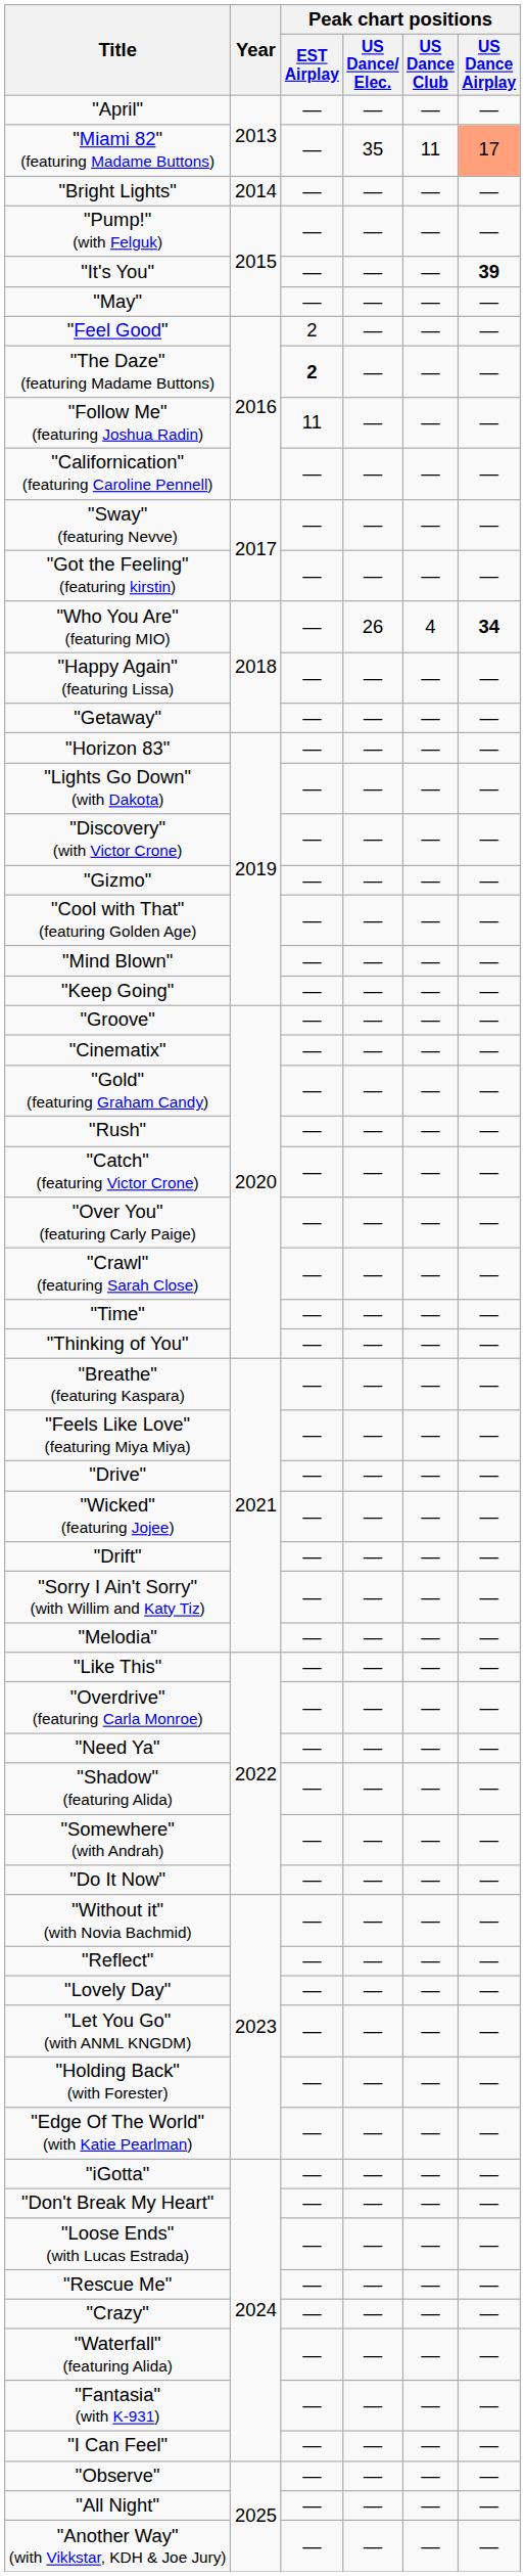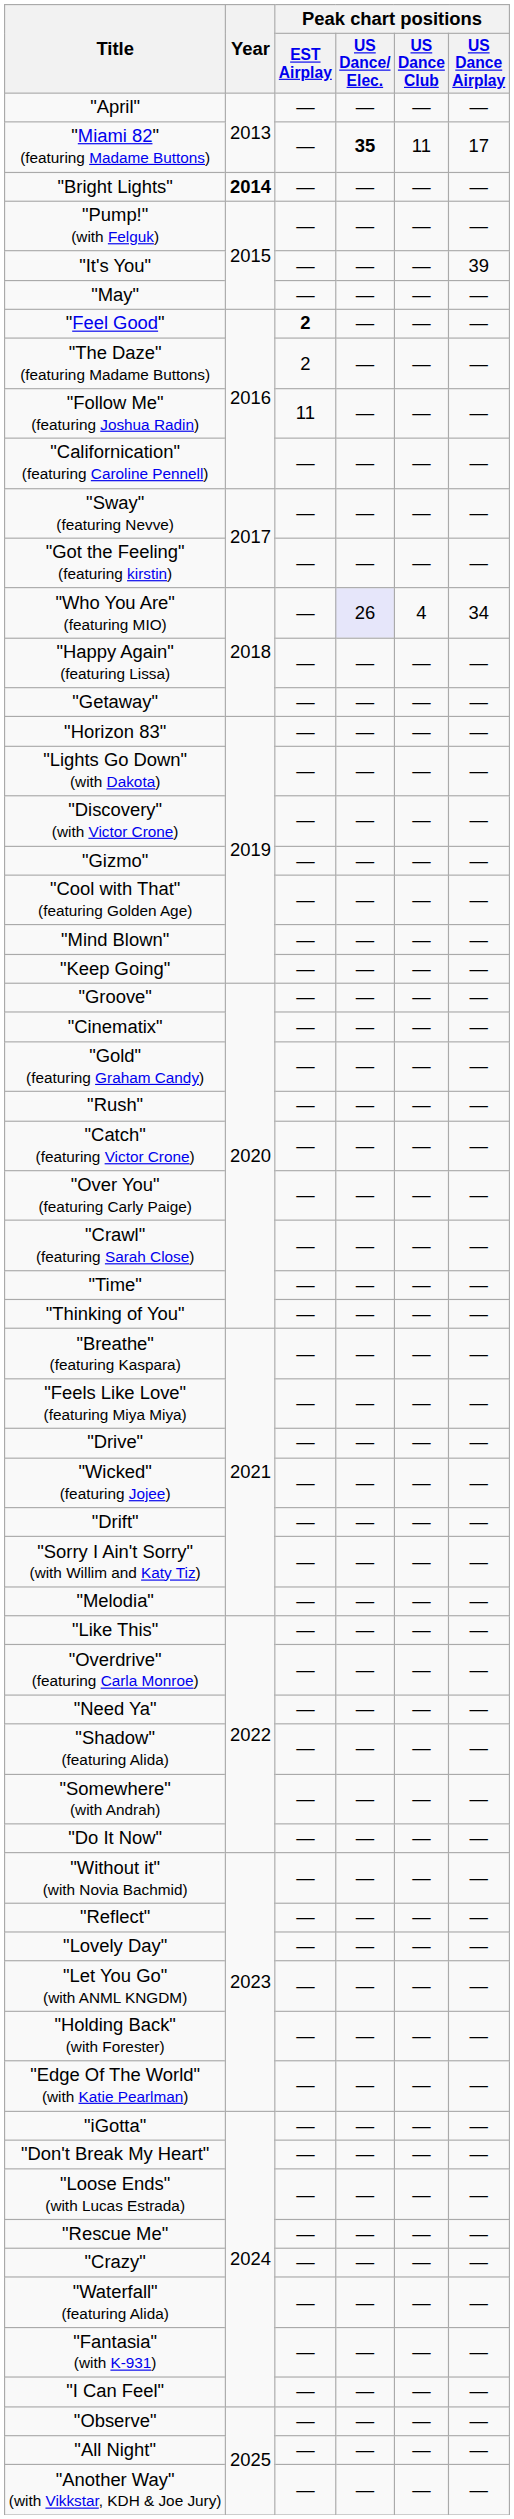 <table class="wikitable plainrowheaders"style="text-align:center;">
 <tr>
 <th rowspan="2" scope="col">Title</th>
 <th rowspan="2" scope="col">Year</th>
 <th colspan="4" scope="col">Peak chart positions</th>
 </tr>
 <tr>
 <th scope="col" style="width:3em;font-size:85%;"><a href='#'>EST<br>Airplay</a><br></th>
 <th scope="col" style="width:3em;font-size:85%;"><a href='#'>US<br>Dance/<br>Elec.</a><br></th>
 <th scope="col" style="width:3em;font-size:85%;"><a href='#'>US<br>Dance<br>Club</a><br></th>
 <th scope="col" style="width:3em;font-size:85%;"><a href='#'>US<br>Dance<br>Airplay</a><br></th>
 </tr>
 <tr>
 <td>"April"</td>
 <td rowspan="2">2013</td>
 <td>—</td>
 <td>—</td>
 <td>—</td>
 <td>—</td>
 </tr>
 <tr>
 <td>"<a href='#'>Miami 82</a>" <br><small>(featuring <a href='#'>Madame Buttons</a>)</small></td>
 <td>—</td>
-<td>35</td>
+<td><strong>35</strong></td>
 <td>11</td>
-<td style="background: lightsalmon;">17</td>
+<td>17</td>
 </tr>
 <tr>
 <td>"Bright Lights"</td>
-<td>2014</td>
+<td><strong>2014</strong></td>
 <td>—</td>
 <td>—</td>
 <td>—</td>
 <td>—</td>
 </tr>
 <tr>
 <td>"Pump!" <br><small>(with <a href='#'>Felguk</a>)</small></td>
 <td rowspan="3">2015</td>
 <td>—</td>
 <td>—</td>
 <td>—</td>
 <td>—</td>
 </tr>
 <tr>
 <td>"It's You"</td>
 <td>—</td>
 <td>—</td>
 <td>—</td>
-<td><strong>39</strong></td>
+<td>39</td>
 </tr>
 <tr>
 <td>"May"</td>
 <td>—</td>
 <td>—</td>
 <td>—</td>
 <td>—</td>
 </tr>
 <tr>
 <td>"<a href='#'>Feel Good</a>"</td>
 <td rowspan="4">2016</td>
-<td>2</td>
+<td><strong>2</strong></td>
 <td>—</td>
 <td>—</td>
 <td>—</td>
 </tr>
 <tr>
 <td>"The Daze" <br><small>(featuring Madame Buttons)</small></td>
-<td><strong>2</strong></td>
+<td>2</td>
 <td>—</td>
 <td>—</td>
 <td>—</td>
 </tr>
 <tr>
 <td>"Follow Me" <br><small>(featuring <a href='#'>Joshua Radin</a>)</small></td>
 <td>11</td>
 <td>—</td>
 <td>—</td>
 <td>—</td>
 </tr>
 <tr>
 <td>"Californication" <br><small>(featuring <a href='#'>Caroline Pennell</a>)</small></td>
 <td>—</td>
 <td>—</td>
 <td>—</td>
 <td>—</td>
 </tr>
 <tr>
 <td>"Sway" <br><small>(featuring Nevve)</small></td>
 <td rowspan="2">2017</td>
 <td>—</td>
 <td>—</td>
 <td>—</td>
 <td>—</td>
 </tr>
 <tr>
 <td>"Got the Feeling" <br><small>(featuring <a href='#'>kirstin</a>)</small></td>
 <td>—</td>
 <td>—</td>
 <td>—</td>
 <td>—</td>
 </tr>
 <tr>
 <td>"Who You Are" <br><small>(featuring MIO)</small></td>
 <td rowspan="3">2018</td>
 <td>—</td>
-<td>26</td>
+<td style="background: lavender;">26</td>
 <td>4</td>
-<td><strong>34</strong></td>
+<td>34</td>
 </tr>
 <tr>
 <td>"Happy Again" <br><small>(featuring Lissa)</small></td>
 <td>—</td>
 <td>—</td>
 <td>—</td>
 <td>—</td>
 </tr>
 <tr>
 <td>"Getaway"</td>
 <td>—</td>
 <td>—</td>
 <td>—</td>
 <td>—</td>
 </tr>
 <tr>
 <td>"Horizon 83"</td>
 <td rowspan="7">2019</td>
 <td>—</td>
 <td>—</td>
 <td>—</td>
 <td>—</td>
 </tr>
 <tr>
 <td>"Lights Go Down" <br><small>(with <a href='#'>Dakota</a>)</small></td>
 <td>—</td>
 <td>—</td>
 <td>—</td>
 <td>—</td>
 </tr>
 <tr>
 <td>"Discovery" <br><small>(with <a href='#'>Victor Crone</a>)</small></td>
 <td>—</td>
 <td>—</td>
 <td>—</td>
 <td>—</td>
 </tr>
 <tr>
 <td>"Gizmo"</td>
 <td>—</td>
 <td>—</td>
 <td>—</td>
 <td>—</td>
 </tr>
 <tr>
 <td>"Cool with That"<br><small>(featuring Golden Age)</small></td>
 <td>—</td>
 <td>—</td>
 <td>—</td>
 <td>—</td>
 </tr>
 <tr>
 <td>"Mind Blown"</td>
 <td>—</td>
 <td>—</td>
 <td>—</td>
 <td>—</td>
 </tr>
 <tr>
 <td>"Keep Going"</td>
 <td>—</td>
 <td>—</td>
 <td>—</td>
 <td>—</td>
 </tr>
 <tr>
 <td>"Groove"</td>
 <td rowspan="9">2020</td>
 <td>—</td>
 <td>—</td>
 <td>—</td>
 <td>—</td>
 </tr>
 <tr>
 <td>"Cinematix"</td>
 <td>—</td>
 <td>—</td>
 <td>—</td>
 <td>—</td>
 </tr>
 <tr>
 <td>"Gold" <br><small>(featuring <a href='#'>Graham Candy</a>)</small></td>
 <td>—</td>
 <td>—</td>
 <td>—</td>
 <td>—</td>
 </tr>
 <tr>
 <td>"Rush"</td>
 <td>—</td>
 <td>—</td>
 <td>—</td>
 <td>—</td>
 </tr>
 <tr>
 <td>"Catch" <br><small>(featuring <a href='#'>Victor Crone</a>)</small></td>
 <td>—</td>
 <td>—</td>
 <td>—</td>
 <td>—</td>
 </tr>
 <tr>
 <td>"Over You" <br><small>(featuring Carly Paige)</small></td>
 <td>—</td>
 <td>—</td>
 <td>—</td>
 <td>—</td>
 </tr>
 <tr>
 <td>"Crawl" <br><small>(featuring <a href='#'>Sarah Close</a>)</small></td>
 <td>—</td>
 <td>—</td>
 <td>—</td>
 <td>—</td>
 </tr>
 <tr>
 <td>"Time"</td>
 <td>—</td>
 <td>—</td>
 <td>—</td>
 <td>—</td>
 </tr>
 <tr>
 <td>"Thinking of You"</td>
 <td>—</td>
 <td>—</td>
 <td>—</td>
 <td>—</td>
 </tr>
 <tr>
 <td>"Breathe" <br><small>(featuring Kaspara)</small></td>
 <td rowspan="7">2021</td>
 <td>—</td>
 <td>—</td>
 <td>—</td>
 <td>—</td>
 </tr>
 <tr>
 <td>"Feels Like Love"<br><small>(featuring Miya Miya)</small></td>
 <td>—</td>
 <td>—</td>
 <td>—</td>
 <td>—</td>
 </tr>
 <tr>
 <td>"Drive"</td>
 <td>—</td>
 <td>—</td>
 <td>—</td>
 <td>—</td>
 </tr>
 <tr>
 <td>"Wicked" <br><small>(featuring <a href='#'>Jojee</a>)</small></td>
 <td>—</td>
 <td>—</td>
 <td>—</td>
 <td>—</td>
 </tr>
 <tr>
 <td>"Drift"</td>
 <td>—</td>
 <td>—</td>
 <td>—</td>
 <td>—</td>
 </tr>
 <tr>
 <td>"Sorry I Ain't Sorry" <br><small>(with Willim and <a href='#'>Katy Tiz</a>)</small></td>
 <td>—</td>
 <td>—</td>
 <td>—</td>
 <td>—</td>
 </tr>
 <tr>
 <td>"Melodia"</td>
 <td>—</td>
 <td>—</td>
 <td>—</td>
 <td>—</td>
 </tr>
 <tr>
 <td>"Like This"</td>
 <td rowspan="6">2022</td>
 <td>—</td>
 <td>—</td>
 <td>—</td>
 <td>—</td>
 </tr>
 <tr>
 <td>"Overdrive"<br><small>(featuring <a href='#'>Carla Monroe</a>)</small></td>
 <td>—</td>
 <td>—</td>
 <td>—</td>
 <td>—</td>
 </tr>
 <tr>
 <td>"Need Ya" </td>
 <td>—</td>
 <td>—</td>
 <td>—</td>
 <td>—</td>
 </tr>
 <tr>
 <td>"Shadow" <br><small>(featuring Alida)</small></td>
 <td>—</td>
 <td>—</td>
 <td>—</td>
 <td>—</td>
 </tr>
 <tr>
 <td>"Somewhere" <br><small>(with Andrah)</small></td>
 <td>—</td>
 <td>—</td>
 <td>—</td>
 <td>—</td>
 </tr>
 <tr>
 <td>"Do It Now" </td>
 <td>—</td>
 <td>—</td>
 <td>—</td>
 <td>—</td>
 </tr>
 <tr>
 <td>"Without it" <br><small>(with Novia Bachmid)</small></td>
 <td rowspan="6">2023</td>
 <td>—</td>
 <td>—</td>
 <td>—</td>
 <td>—</td>
 </tr>
 <tr>
 <td>"Reflect"</td>
 <td>—</td>
 <td>—</td>
 <td>—</td>
 <td>—</td>
 </tr>
 <tr>
 <td>"Lovely Day"</td>
 <td>—</td>
 <td>—</td>
 <td>—</td>
 <td>—</td>
 </tr>
 <tr>
 <td>"Let You Go"<br><small>(with ANML KNGDM)</small></td>
 <td>—</td>
 <td>—</td>
 <td>—</td>
 <td>—</td>
 </tr>
 <tr>
 <td>"Holding Back"<br><small>(with Forester)</small></td>
 <td>—</td>
 <td>—</td>
 <td>—</td>
 <td>—</td>
 </tr>
 <tr>
 <td>"Edge Of The World"<br><small>(with <a href='#'>Katie Pearlman</a>)</small></td>
 <td>—</td>
 <td>—</td>
 <td>—</td>
 <td>—</td>
 </tr>
 <tr>
 <td>"iGotta"</td>
 <td rowspan="8">2024</td>
 <td>—</td>
 <td>—</td>
 <td>—</td>
 <td>—</td>
 </tr>
 <tr>
 <td>"Don't Break My Heart"</td>
 <td>—</td>
 <td>—</td>
 <td>—</td>
 <td>—</td>
 </tr>
 <tr>
 <td>"Loose Ends"<br><small>(with Lucas Estrada)</small></td>
 <td>—</td>
 <td>—</td>
 <td>—</td>
 <td>—</td>
 </tr>
 <tr>
 <td>"Rescue Me"</td>
 <td>—</td>
 <td>—</td>
 <td>—</td>
 <td>—</td>
 </tr>
 <tr>
 <td>"Crazy"</td>
 <td>—</td>
 <td>—</td>
 <td>—</td>
 <td>—</td>
 </tr>
 <tr>
 <td>"Waterfall"<br><small>(featuring Alida)</small></td>
 <td>—</td>
 <td>—</td>
 <td>—</td>
 <td>—</td>
 </tr>
 <tr>
 <td>"Fantasia"<br><small>(with <a href='#'>K-931</a>)</small></td>
 <td>—</td>
 <td>—</td>
 <td>—</td>
 <td>—</td>
 </tr>
 <tr>
 <td>"I Can Feel"</td>
 <td>—</td>
 <td>—</td>
 <td>—</td>
 <td>—</td>
 </tr>
 <tr>
 <td>"Observe"</td>
 <td rowspan="3">2025</td>
 <td>—</td>
 <td>—</td>
 <td>—</td>
 <td>—</td>
 </tr>
 <tr>
 <td>"All Night"</td>
 <td>—</td>
 <td>—</td>
 <td>—</td>
 <td>—</td>
 </tr>
 <tr>
 <td>"Another Way"<br><small>(with <a href='#'>Vikkstar</a>, KDH & Joe Jury)</small></td>
 <td>—</td>
 <td>—</td>
 <td>—</td>
 <td>—</td>
 </tr>
 </table>
